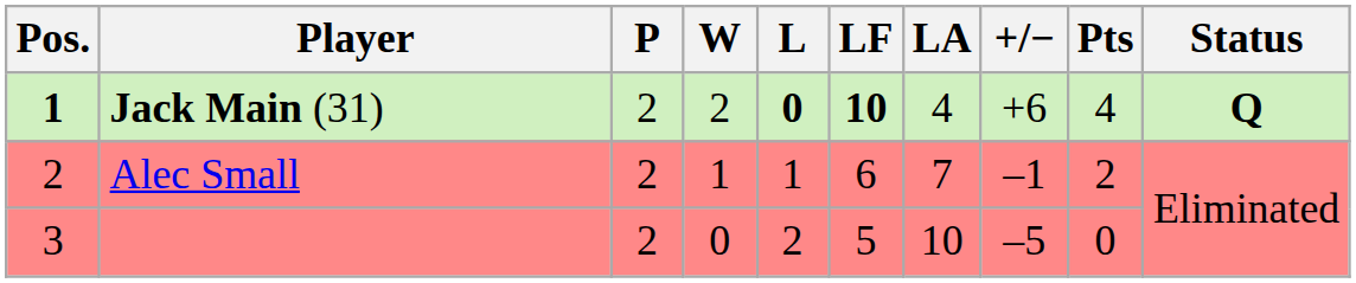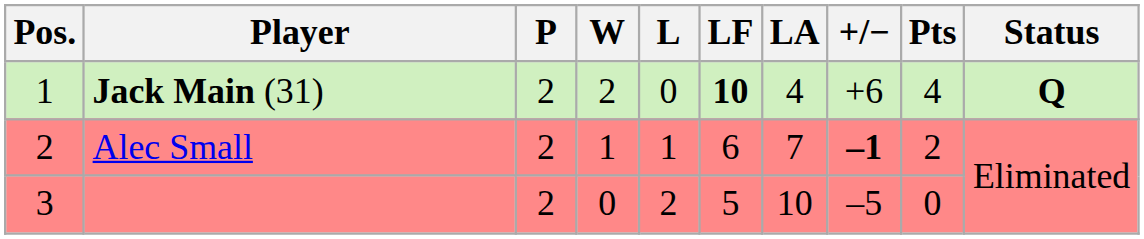 <table class="wikitable" style="text-align:center; margin: 1em auto 1em auto, align:left">
 <tr>
 <th width=20>Pos.</th>
 <th width=185>Player</th>
 <th width=20>P</th>
 <th width=20>W</th>
 <th width=20>L</th>
 <th width=20>LF</th>
 <th width=20>LA</th>
 <th width=25>+/−</th>
 <th width=20>Pts</th>
 <th width=70>Status</th>
 </tr>
 <tr style="background:#D0F0C0;">
-<td><strong>1</strong></td>
+<td>1</td>
 <td align=left> <strong>Jack Main</strong> (31)</td>
 <td>2</td>
 <td>2</td>
-<td><strong>0</strong></td>
+<td>0</td>
 <td><strong>10</strong></td>
 <td>4</td>
 <td>+6</td>
 <td>4</td>
 <td><strong>Q</strong></td>
 </tr>
 <tr style="background:#FF8888;">
 <td>2</td>
 <td align=left> <a href='#'>Alec Small</a></td>
 <td>2</td>
 <td>1</td>
 <td>1</td>
 <td>6</td>
 <td>7</td>
-<td>–1</td>
+<td><strong>–1</strong></td>
 <td>2</td>
 <td rowspan=2>Eliminated</td>
 </tr>
 <tr style="background:#FF8888;">
 <td>3</td>
 <td align=left></td>
 <td>2</td>
 <td>0</td>
 <td>2</td>
 <td>5</td>
 <td>10</td>
 <td>–5</td>
 <td>0</td>
 </tr>
 </table>
